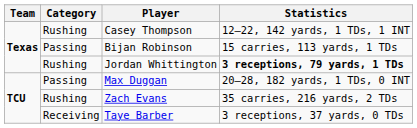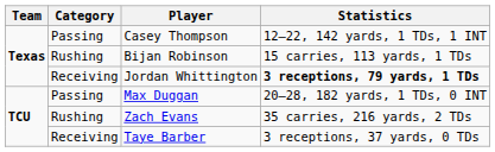 <table class="wikitable" style="float: right;">
 <tr>
 <th>Team</th>
 <th>Category</th>
 <th>Player</th>
 <th>Statistics</th>
 </tr>
 <tr>
 <td rowspan=3><strong>Texas</strong></td>
-<td>Rushing</td>
+<td>Passing</td>
 <td>Casey Thompson</td>
 <td>12–22, 142 yards, 1 TDs, 1 INT</td>
 </tr>
 <tr>
-<td>Passing</td>
+<td>Rushing</td>
 <td>Bijan Robinson</td>
 <td>15 carries, 113 yards, 1 TDs</td>
 </tr>
 <tr>
-<td>Rushing</td>
+<td>Receiving</td>
 <td>Jordan Whittington</td>
 <td><strong>3 receptions, 79 yards, 1 TDs</strong></td>
 </tr>
 <tr>
 <td rowspan=3><strong>TCU</strong></td>
 <td>Passing</td>
 <td><a href='#'>Max Duggan</a></td>
 <td>20–28, 182 yards, 1 TDs, 0 INT</td>
 </tr>
 <tr>
 <td>Rushing</td>
 <td><a href='#'>Zach Evans</a></td>
 <td>35 carries, 216 yards, 2 TDs</td>
 </tr>
 <tr>
 <td>Receiving</td>
 <td><a href='#'>Taye Barber</a></td>
 <td>3 receptions, 37 yards, 0 TDs</td>
 </tr>
 </table>
